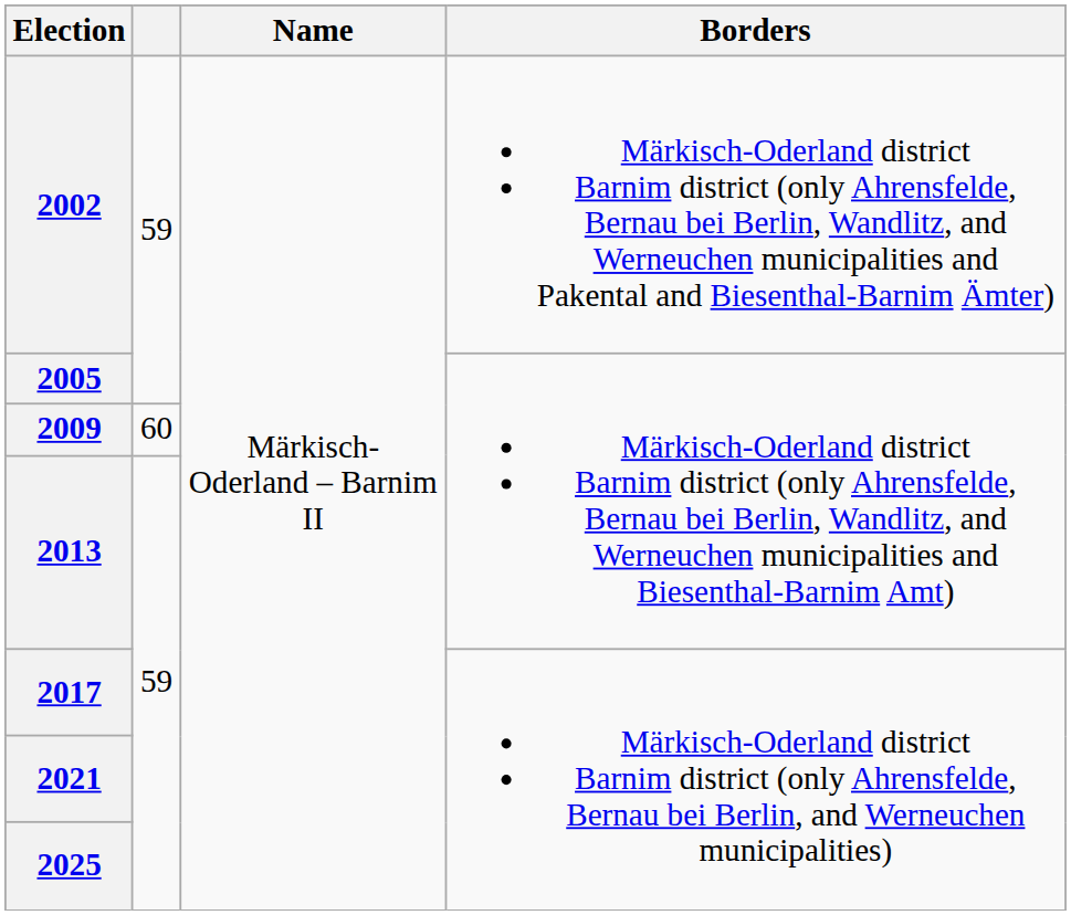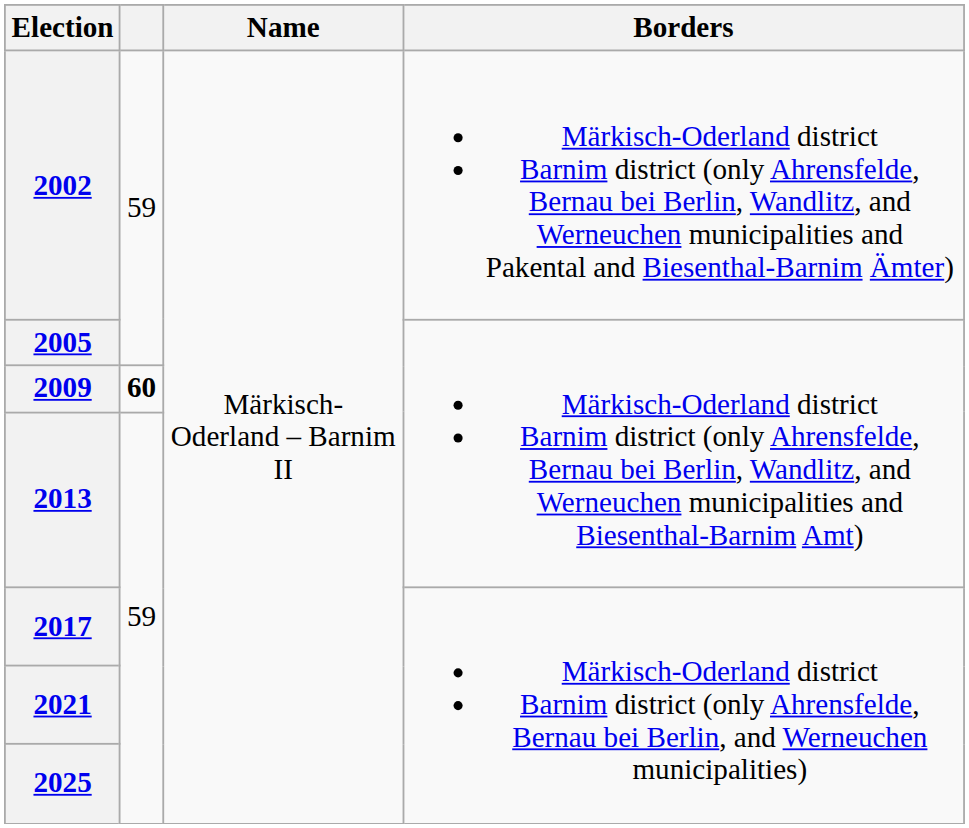 <table class=wikitable style="text-align:center">
 <tr>
 <th>Election</th>
 <th></th>
 <th width=125px>Name</th>
 <th width=300px>Borders</th>
 </tr>
 <tr>
 <th><a href='#'>2002</a></th>
 <td rowspan=2>59</td>
 <td rowspan=7>Märkisch-Oderland – Barnim II</td>
 <td><br><ul><li><a href='#'>Märkisch-Oderland</a> district</li><li><a href='#'>Barnim</a> district (only <a href='#'>Ahrensfelde</a>, <a href='#'>Bernau bei Berlin</a>, <a href='#'>Wandlitz</a>, and <a href='#'>Werneuchen</a> municipalities and Pakental and <a href='#'>Biesenthal-Barnim</a> <a href='#'>Ämter</a>)</li></ul></td>
 </tr>
 <tr>
 <th><a href='#'>2005</a></th>
 <td rowspan=3><br><ul><li><a href='#'>Märkisch-Oderland</a> district</li><li><a href='#'>Barnim</a> district (only <a href='#'>Ahrensfelde</a>, <a href='#'>Bernau bei Berlin</a>, <a href='#'>Wandlitz</a>, and <a href='#'>Werneuchen</a> municipalities and <a href='#'>Biesenthal-Barnim</a> <a href='#'>Amt</a>)</li></ul></td>
 </tr>
 <tr>
 <th><a href='#'>2009</a></th>
-<td>60</td>
+<td><strong>60</strong></td>
 </tr>
 <tr>
 <th><a href='#'>2013</a></th>
 <td rowspan=4>59</td>
 </tr>
 <tr>
 <th><a href='#'>2017</a></th>
 <td rowspan=3><br><ul><li><a href='#'>Märkisch-Oderland</a> district</li><li><a href='#'>Barnim</a> district (only <a href='#'>Ahrensfelde</a>, <a href='#'>Bernau bei Berlin</a>, and <a href='#'>Werneuchen</a> municipalities)</li></ul></td>
 </tr>
 <tr>
 <th><a href='#'>2021</a></th>
 </tr>
 <tr>
 <th><a href='#'>2025</a></th>
 </tr>
 </table>
